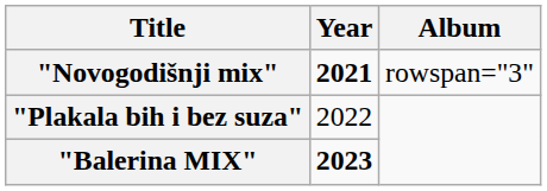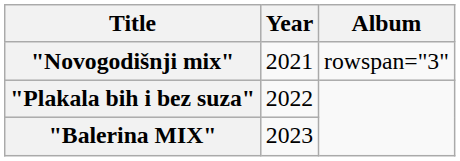 <table class="wikitable plainrowheaders" style="text-align:center;">
 <tr>
 <th scope="col">Title</th>
 <th scope="col">Year</th>
 <th scope="col">Album</th>
 </tr>
 <tr>
 <th scope="row">"Novogodišnji mix"</th>
-<td><strong>2021</strong></td>
+<td>2021</td>
 <td>rowspan="3" </td>
 </tr>
 <tr>
 <th scope="row">"Plakala bih i bez suza"</th>
 <td>2022</td>
 </tr>
 <tr>
 <th scope="row">"Balerina MIX"</th>
-<td><strong>2023</strong></td>
+<td>2023</td>
 </tr>
 </table>
